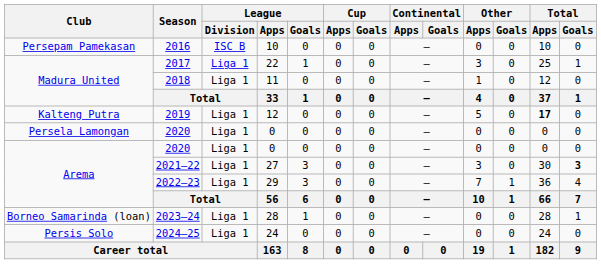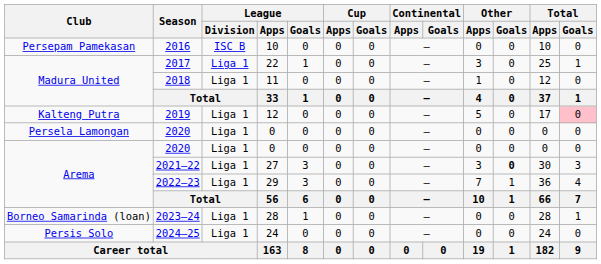 <table class="wikitable" style="text-align: center">
 <tr>
 <th rowspan="2">Club</th>
 <th rowspan="2">Season</th>
 <th colspan="3">League</th>
 <th colspan="2">Cup</th>
 <th colspan="2">Continental</th>
 <th colspan="2">Other</th>
 <th colspan="2">Total</th>
 </tr>
 <tr>
 <th>Division</th>
 <th>Apps</th>
 <th>Goals</th>
 <th>Apps</th>
 <th>Goals</th>
 <th>Apps</th>
 <th>Goals</th>
 <th>Apps</th>
 <th>Goals</th>
 <th>Apps</th>
 <th>Goals</th>
 </tr>
 <tr>
 <td rowspan="1"><a href='#'>Persepam Pamekasan</a></td>
 <td><a href='#'>2016</a></td>
 <td><a href='#'>ISC B</a></td>
 <td>10</td>
 <td>0</td>
 <td>0</td>
 <td>0</td>
 <td colspan="2">—</td>
 <td>0</td>
 <td>0</td>
 <td>10</td>
 <td>0</td>
 </tr>
 <tr>
 <td rowspan="3"><a href='#'>Madura United</a></td>
 <td><a href='#'>2017</a></td>
 <td rowspan="1"><a href='#'>Liga 1</a></td>
 <td>22</td>
 <td>1</td>
 <td>0</td>
 <td>0</td>
 <td colspan="2">—</td>
 <td>3</td>
 <td>0</td>
 <td>25</td>
 <td>1</td>
 </tr>
 <tr>
 <td><a href='#'>2018</a></td>
 <td rowspan="1" valign="center">Liga 1</td>
 <td>11</td>
 <td>0</td>
 <td>0</td>
 <td>0</td>
 <td colspan="2">—</td>
 <td>1</td>
 <td>0</td>
 <td>12</td>
 <td>0</td>
 </tr>
 <tr>
 <th colspan="2">Total</th>
 <th>33</th>
 <th>1</th>
 <th>0</th>
 <th>0</th>
 <th colspan="2">—</th>
 <th>4</th>
 <th>0</th>
 <th>37</th>
 <th>1</th>
 </tr>
 <tr>
 <td rowspan="1"><a href='#'>Kalteng Putra</a></td>
 <td><a href='#'>2019</a></td>
 <td rowspan="1">Liga 1</td>
 <td>12</td>
 <td>0</td>
 <td>0</td>
 <td>0</td>
 <td colspan="2">—</td>
 <td>5</td>
 <td>0</td>
-<td><strong>17</strong></td>
-<td>0</td>
+<td>17</td>
+<td style="background: pink;">0</td>
 </tr>
 <tr>
 <td rowspan="1"><a href='#'>Persela Lamongan</a></td>
 <td><a href='#'>2020</a></td>
 <td rowspan="1">Liga 1</td>
 <td>0</td>
 <td>0</td>
 <td>0</td>
 <td>0</td>
 <td colspan="2">—</td>
 <td>0</td>
 <td>0</td>
 <td>0</td>
 <td>0</td>
 </tr>
 <tr>
 <td rowspan="4"><a href='#'>Arema</a></td>
 <td><a href='#'>2020</a></td>
 <td rowspan="1">Liga 1</td>
 <td>0</td>
 <td>0</td>
 <td>0</td>
 <td>0</td>
 <td colspan="2">—</td>
 <td>0</td>
 <td>0</td>
 <td>0</td>
 <td>0</td>
 </tr>
 <tr>
 <td><a href='#'>2021–22</a></td>
 <td rowspan="1">Liga 1</td>
 <td>27</td>
 <td>3</td>
 <td>0</td>
 <td>0</td>
 <td colspan="2">—</td>
 <td>3</td>
-<td>0</td>
+<td><strong>0</strong></td>
 <td>30</td>
-<td><strong>3</strong></td>
+<td>3</td>
 </tr>
 <tr>
 <td><a href='#'>2022–23</a></td>
 <td rowspan="1">Liga 1</td>
 <td>29</td>
 <td>3</td>
 <td>0</td>
 <td>0</td>
 <td colspan="2">—</td>
 <td>7</td>
 <td>1</td>
 <td>36</td>
 <td>4</td>
 </tr>
 <tr>
 <th colspan="2">Total</th>
 <th>56</th>
 <th>6</th>
 <th>0</th>
 <th>0</th>
 <th colspan="2">—</th>
 <th>10</th>
 <th>1</th>
 <th>66</th>
 <th>7</th>
 </tr>
 <tr>
 <td rowspan="1"><a href='#'>Borneo Samarinda</a> (loan)</td>
 <td><a href='#'>2023–24</a></td>
 <td rowspan="1">Liga 1</td>
 <td>28</td>
 <td>1</td>
 <td>0</td>
 <td>0</td>
 <td colspan="2">—</td>
 <td>0</td>
 <td>0</td>
 <td>28</td>
 <td>1</td>
 </tr>
 <tr>
 <td rowspan="1"><a href='#'>Persis Solo</a></td>
 <td><a href='#'>2024–25</a></td>
 <td rowspan="1">Liga 1</td>
 <td>24</td>
 <td>0</td>
 <td>0</td>
 <td>0</td>
 <td colspan="2">—</td>
 <td>0</td>
 <td>0</td>
 <td>24</td>
 <td>0</td>
 </tr>
 <tr>
 <th colspan=3>Career total</th>
 <th>163</th>
 <th>8</th>
 <th>0</th>
 <th>0</th>
 <th>0</th>
 <th>0</th>
 <th>19</th>
 <th>1</th>
 <th>182</th>
 <th>9</th>
 </tr>
 </table>
